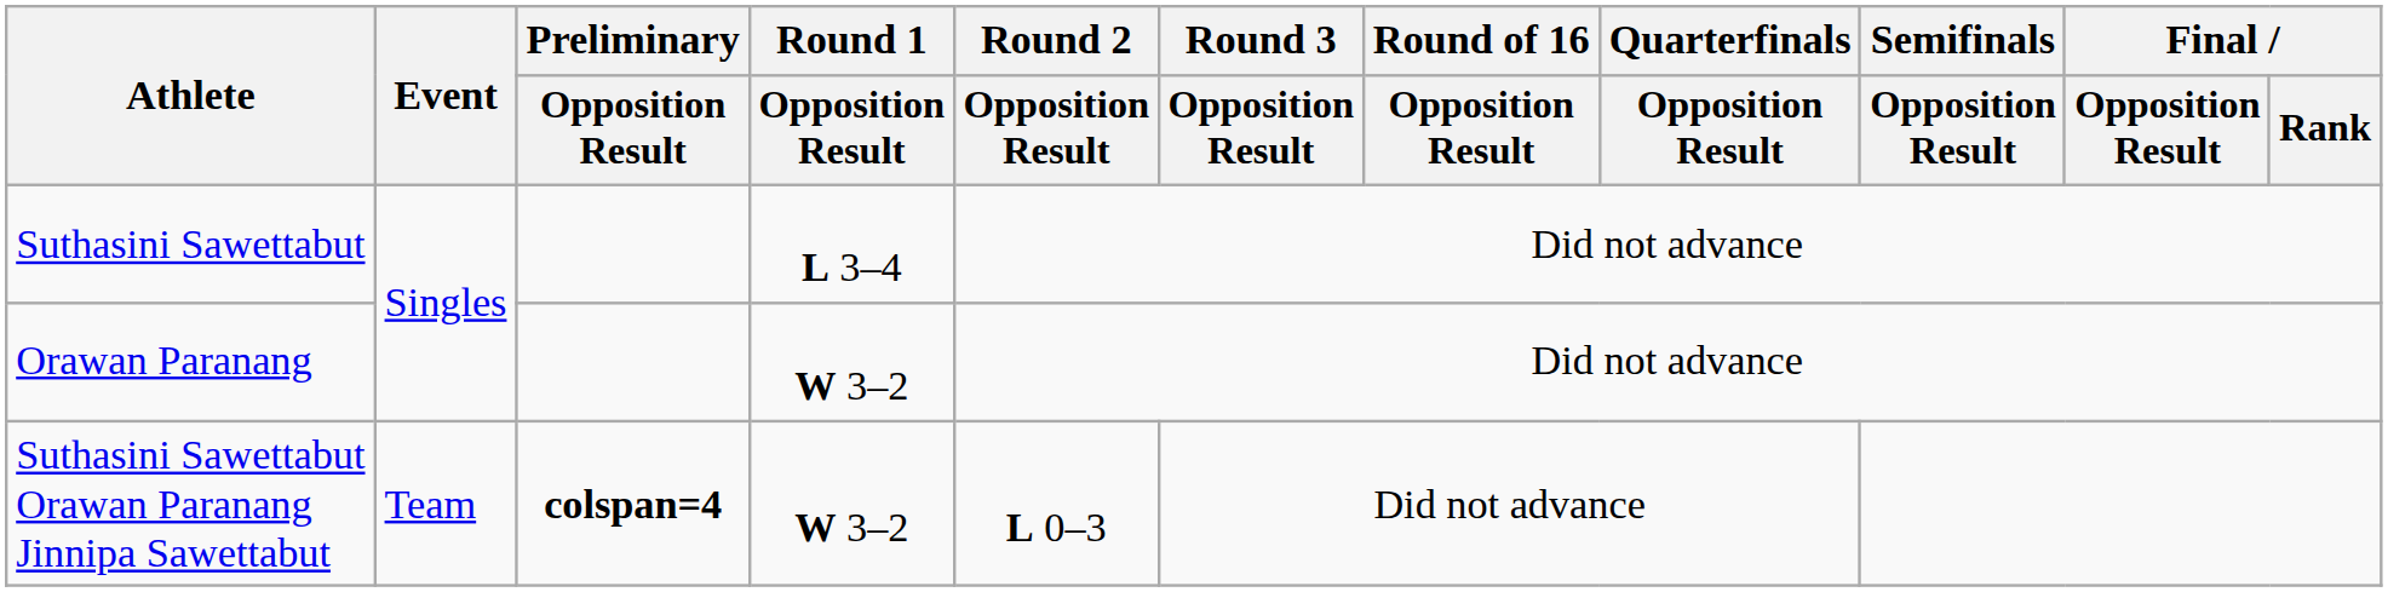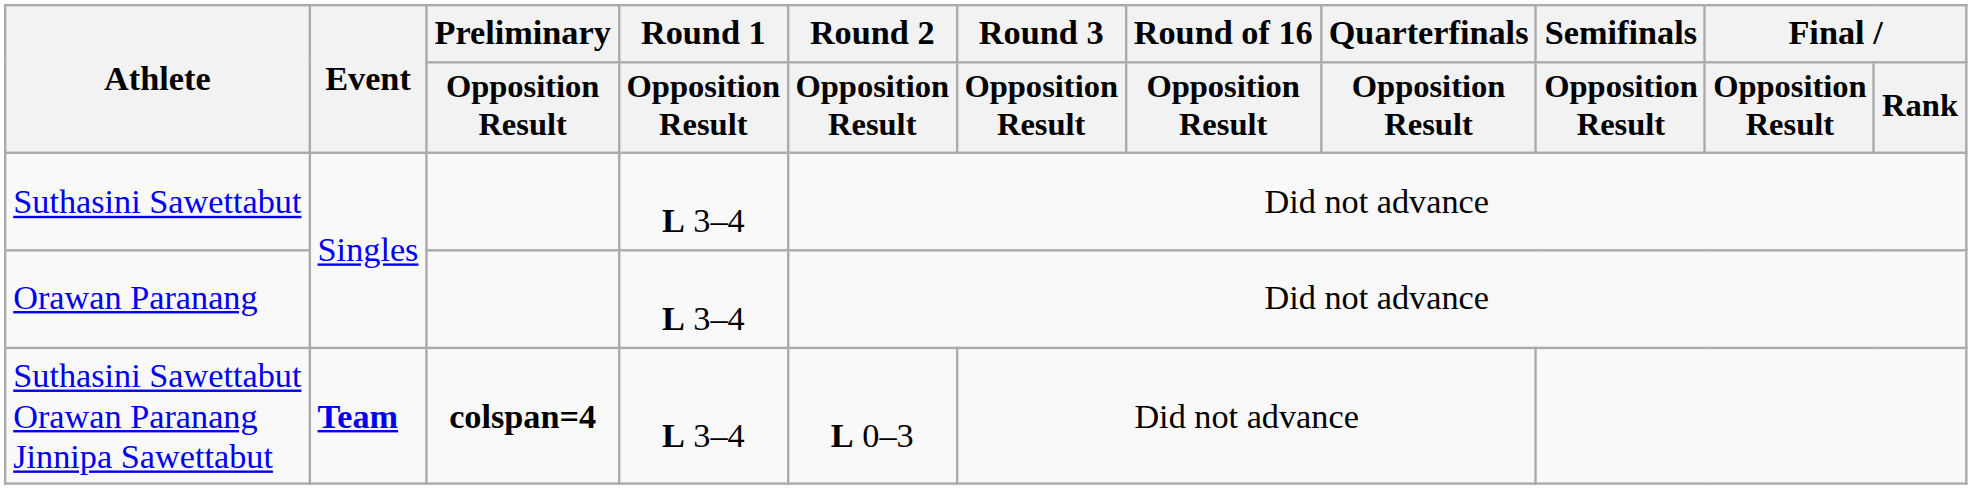 <table class=wikitable style=font-size:90%;text-align:center>
 <tr>
 <th rowspan=2>Athlete</th>
 <th rowspan=2>Event</th>
 <th>Preliminary</th>
 <th>Round 1</th>
 <th>Round 2</th>
 <th>Round 3</th>
 <th>Round of 16</th>
 <th>Quarterfinals</th>
 <th>Semifinals</th>
 <th colspan=2>Final / </th>
 </tr>
 <tr style=font-size:95%>
 <th>Opposition<br>Result</th>
 <th>Opposition<br>Result</th>
 <th>Opposition<br>Result</th>
 <th>Opposition<br>Result</th>
 <th>Opposition<br>Result</th>
 <th>Opposition<br>Result</th>
 <th>Opposition<br>Result</th>
 <th>Opposition<br>Result</th>
 <th>Rank</th>
 </tr>
 <tr>
 <td align=left><a href='#'>Suthasini Sawettabut</a></td>
 <td align=left rowspan=2><a href='#'>Singles</a></td>
 <td></td>
 <td><br><strong>L</strong> 3–4</td>
 <td colspan="7">Did not advance</td>
 </tr>
 <tr align=center>
 <td align=left><a href='#'>Orawan Paranang</a></td>
 <td></td>
-<td><br><strong>W</strong> 3–2</td>
+<td><br><strong>L</strong> 3–4</td>
 <td colspan="7">Did not advance</td>
 </tr>
 <tr>
 <td align=left><a href='#'>Suthasini Sawettabut</a><br><a href='#'>Orawan Paranang</a><br><a href='#'>Jinnipa Sawettabut</a></td>
-<td align=left><a href='#'>Team</a></td>
+<td align=left><strong><a href='#'>Team</a></strong></td>
 <td><strong>colspan=4 </strong></td>
-<td><br><strong>W</strong> 3–2</td>
+<td><br><strong>L</strong> 3–4</td>
 <td><br><strong>L</strong> 0–3</td>
 <td colspan="3">Did not advance</td>
 </tr>
 </table>
